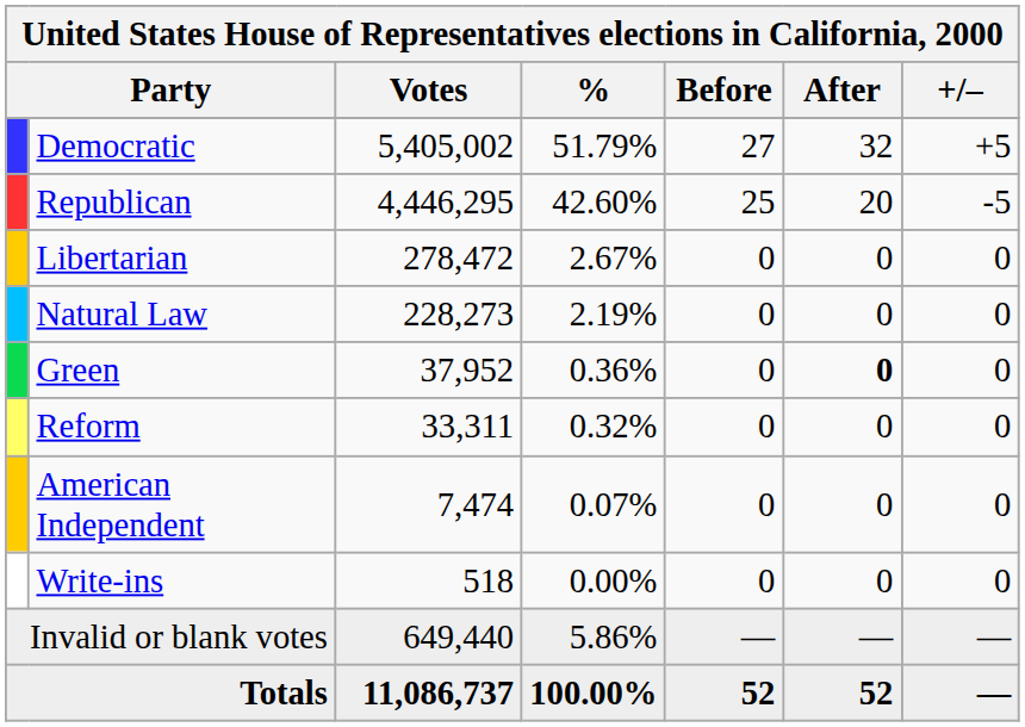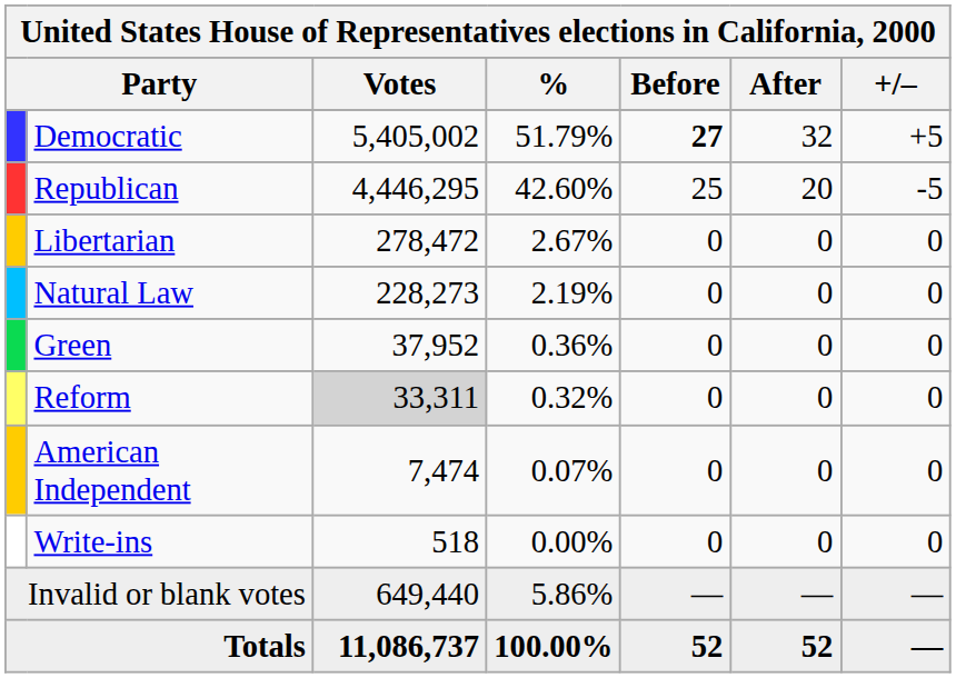 <table class="wikitable" style="font-size: 95%;">
 <tr>
 <th colspan="7">United States House of Representatives elections in California, 2000</th>
 </tr>
 <tr>
 <th colspan=2 style="width: 5em">Party</th>
 <th style="width: 5em">Votes</th>
 <th style="width: 3em">%</th>
 <th style="width: 3em">Before</th>
 <th style="width: 3em">After</th>
 <th style="width: 3em">+/–</th>
 </tr>
 <tr>
 </tr>
 <tr>
 <th style="background-color:#3333FF; width: 3px"></th>
 <td style="width: 130px"><a href='#'>Democratic</a></td>
 <td align="right">5,405,002</td>
 <td align="right">51.79%</td>
-<td align="right">27</td>
+<td align="right"><strong>27</strong></td>
 <td align="right">32</td>
 <td align="right">+5</td>
 </tr>
 <tr>
 <th style="background-color:#FF3333; width: 3px"></th>
 <td style="width: 130px"><a href='#'>Republican</a></td>
 <td align="right">4,446,295</td>
 <td align="right">42.60%</td>
 <td align="right">25</td>
 <td align="right">20</td>
 <td align="right">-5</td>
 </tr>
 <tr>
 <th style="background-color:#FFCC00; width: 3px"></th>
 <td style="width: 130px"><a href='#'>Libertarian</a></td>
 <td align="right">278,472</td>
 <td align="right">2.67%</td>
 <td align="right">0</td>
 <td align="right">0</td>
 <td align="right">0</td>
 </tr>
 <tr>
 <th style="background-color:#00BFFF; width: 3px"></th>
 <td style="width: 130px"><a href='#'>Natural Law</a></td>
 <td align="right">228,273</td>
 <td align="right">2.19%</td>
 <td align="right">0</td>
 <td align="right">0</td>
 <td align="right">0</td>
 </tr>
 <tr>
 <th style="background-color:#0BDA51; width: 3px"></th>
 <td style="width: 130px"><a href='#'>Green</a></td>
 <td align="right">37,952</td>
 <td align="right">0.36%</td>
 <td align="right">0</td>
-<td align="right"><strong>0</strong></td>
+<td align="right">0</td>
 <td align="right">0</td>
 </tr>
 <tr>
 <th style="background-color:#FFFF66; width: 3px"></th>
 <td style="width: 130px"><a href='#'>Reform</a></td>
-<td align="right">33,311</td>
+<td align="right" style="background: lightgrey;">33,311</td>
 <td align="right">0.32%</td>
 <td align="right">0</td>
 <td align="right">0</td>
 <td align="right">0</td>
 </tr>
 <tr>
 <th style="background-color:#FFCC00; width: 3px"></th>
 <td style="width: 130px"><a href='#'>American Independent</a></td>
 <td align="right">7,474</td>
 <td align="right">0.07%</td>
 <td align="right">0</td>
 <td align="right">0</td>
 <td align="right">0</td>
 </tr>
 <tr>
 <th style="background-color:#FFFFFF; width: 3px"></th>
 <td style="width: 130px"><a href='#'>Write-ins</a></td>
 <td align="right">518</td>
 <td align="right">0.00%</td>
 <td align="right">0</td>
 <td align="right">0</td>
 <td align="right">0</td>
 </tr>
 <tr bgcolor="#EEEEEE">
 <td colspan="2" align="right">Invalid or blank votes</td>
 <td align="right">649,440</td>
 <td align="right">5.86%</td>
 <td align="right">—</td>
 <td align="right">—</td>
 <td align="right">—</td>
 </tr>
 <tr bgcolor="#EEEEEE">
 <td colspan="2" align="right"><strong>Totals</strong></td>
 <td align="right"><strong>11,086,737</strong></td>
 <td align="right"><strong>100.00%</strong></td>
 <td align="right"><strong>52</strong></td>
 <td align="right"><strong>52</strong></td>
 <td align="right"><strong>—</strong></td>
 </tr>
 </table>
